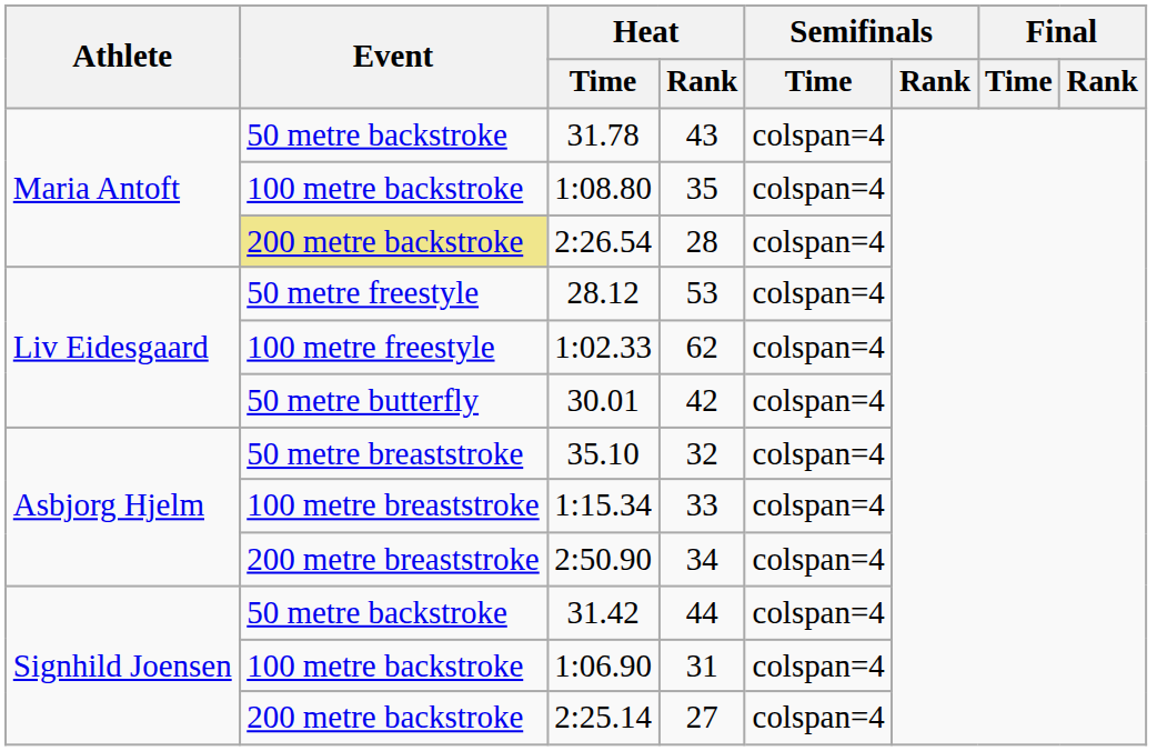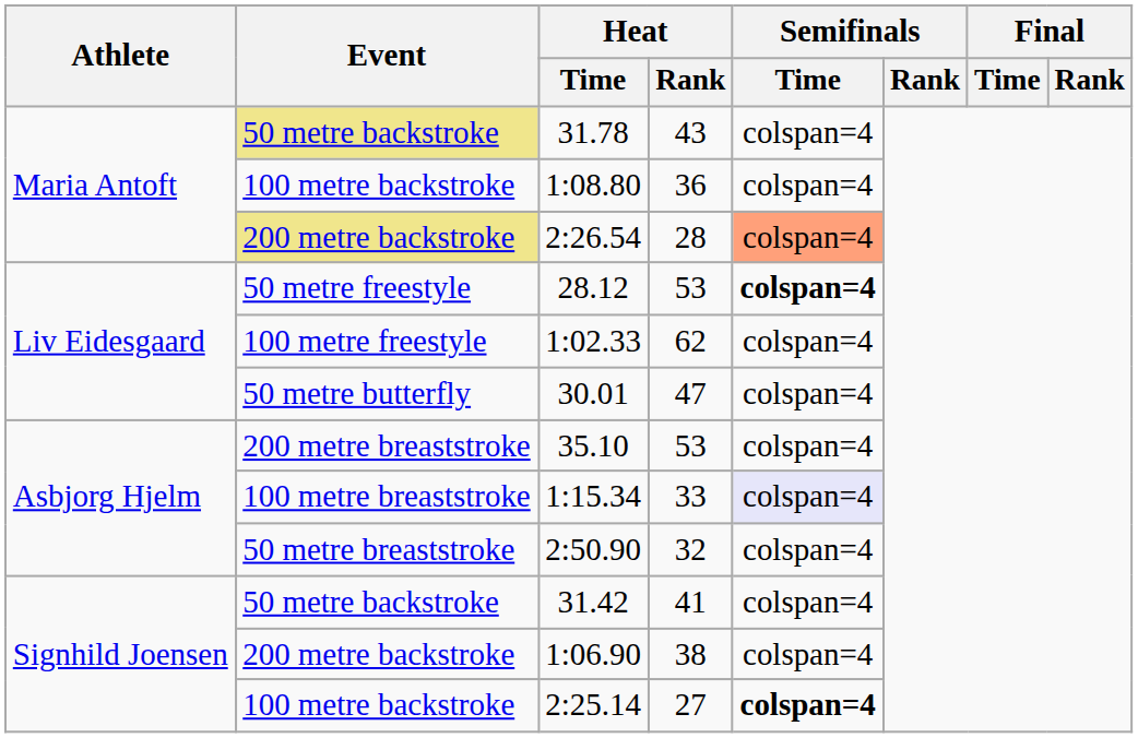 <table class=wikitable style="font-size:90%">
 <tr>
 <th rowspan="2">Athlete</th>
 <th rowspan="2">Event</th>
 <th colspan="2">Heat</th>
 <th colspan="2">Semifinals</th>
 <th colspan="2">Final</th>
 </tr>
 <tr style="font-size:95%">
 <th>Time</th>
 <th>Rank</th>
 <th>Time</th>
 <th>Rank</th>
 <th>Time</th>
 <th>Rank</th>
 </tr>
 <tr align=center>
 <td align=left rowspan=3><a href='#'>Maria Antoft</a></td>
-<td align=left><a href='#'>50 metre backstroke</a></td>
+<td align=left style="background: khaki;"><a href='#'>50 metre backstroke</a></td>
 <td>31.78</td>
 <td>43</td>
 <td>colspan=4 </td>
 </tr>
 <tr align=center>
 <td align=left><a href='#'>100 metre backstroke</a></td>
 <td>1:08.80</td>
-<td>35</td>
+<td>36</td>
 <td>colspan=4 </td>
 </tr>
 <tr align=center>
 <td align=left style="background: khaki;"><a href='#'>200 metre backstroke</a></td>
 <td>2:26.54</td>
 <td>28</td>
-<td>colspan=4 </td>
+<td style="background: lightsalmon;">colspan=4 </td>
 </tr>
 <tr align=center>
 <td align=left rowspan=3><a href='#'>Liv Eidesgaard</a></td>
 <td align=left><a href='#'>50 metre freestyle</a></td>
 <td>28.12</td>
 <td>53</td>
-<td>colspan=4 </td>
+<td><strong>colspan=4 </strong></td>
 </tr>
 <tr align=center>
 <td align=left><a href='#'>100 metre freestyle</a></td>
 <td>1:02.33</td>
 <td>62</td>
 <td>colspan=4 </td>
 </tr>
 <tr align=center>
 <td align=left><a href='#'>50 metre butterfly</a></td>
 <td>30.01</td>
-<td>42</td>
+<td>47</td>
 <td>colspan=4 </td>
 </tr>
 <tr align=center>
 <td align=left rowspan=3><a href='#'>Asbjorg Hjelm</a></td>
-<td align=left><a href='#'>50 metre breaststroke</a></td>
+<td align=left><a href='#'>200 metre breaststroke</a></td>
 <td>35.10</td>
-<td>32</td>
+<td>53</td>
 <td>colspan=4 </td>
 </tr>
 <tr align=center>
 <td align=left><a href='#'>100 metre breaststroke</a></td>
 <td>1:15.34</td>
 <td>33</td>
-<td>colspan=4 </td>
+<td style="background: lavender;">colspan=4 </td>
 </tr>
 <tr align=center>
-<td align=left><a href='#'>200 metre breaststroke</a></td>
+<td align=left><a href='#'>50 metre breaststroke</a></td>
 <td>2:50.90</td>
-<td>34</td>
+<td>32</td>
 <td>colspan=4 </td>
 </tr>
 <tr align=center>
 <td align=left rowspan=3><a href='#'>Signhild Joensen</a></td>
 <td align=left><a href='#'>50 metre backstroke</a></td>
 <td>31.42</td>
-<td>44</td>
+<td>41</td>
+<td>colspan=4 </td>
+</tr>
+<tr align=center>
+<td align=left><a href='#'>200 metre backstroke</a></td>
+<td>1:06.90</td>
+<td>38</td>
 <td>colspan=4 </td>
 </tr>
 <tr align=center>
 <td align=left><a href='#'>100 metre backstroke</a></td>
-<td>1:06.90</td>
-<td>31</td>
-<td>colspan=4 </td>
-</tr>
-<tr align=center>
-<td align=left><a href='#'>200 metre backstroke</a></td>
 <td>2:25.14</td>
 <td>27</td>
-<td>colspan=4 </td>
+<td><strong>colspan=4 </strong></td>
 </tr>
 </table>
